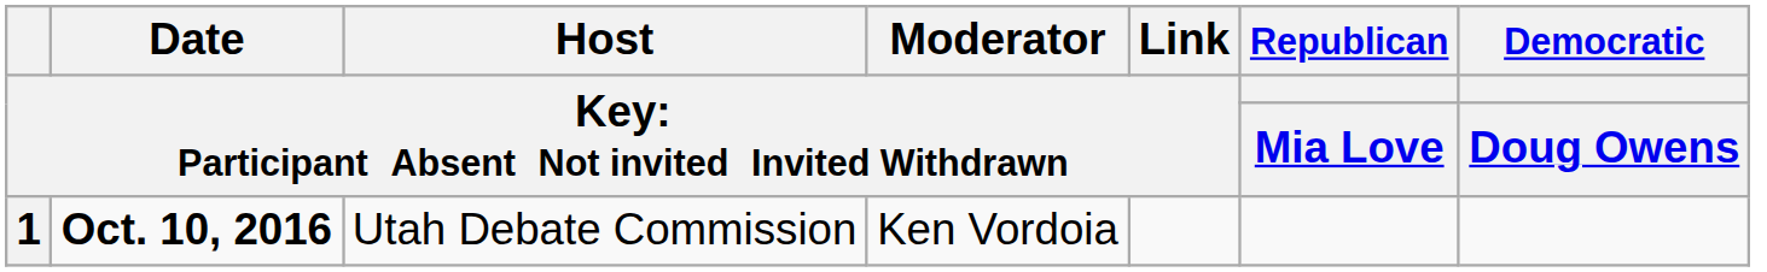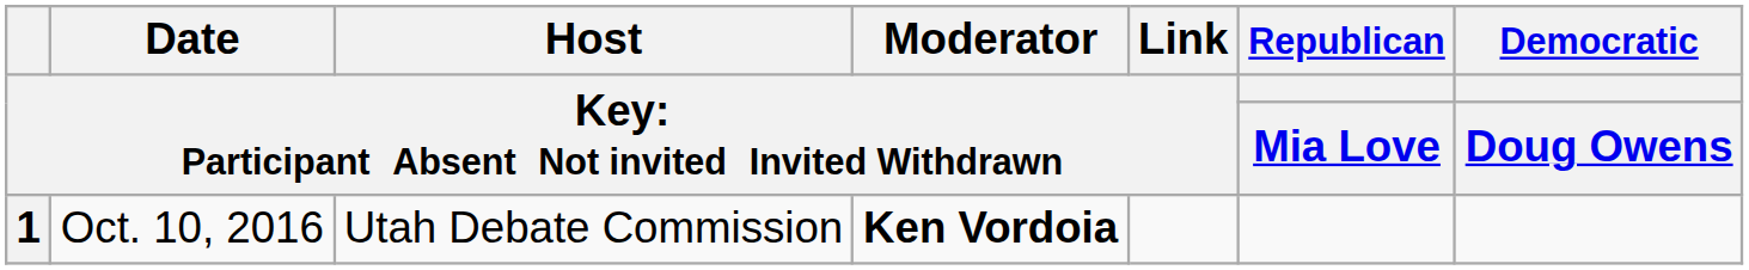 <table class="wikitable" style="text-align:center;">
 <tr>
 <th scope="col"></th>
 <th scope="col">Date</th>
 <th scope="col">Host</th>
 <th scope="col">Moderator</th>
 <th scope="col">Link</th>
 <th scope="col"><small><a href='#'>Republican</a></small></th>
 <th scope="col"><small><a href='#'>Democratic</a></small></th>
 </tr>
 <tr>
 <th colspan="5" rowspan="2">Key:<br> <small>Participant </small>  <small>Absent </small>  <small>Not invited </small>  <small>Invited  Withdrawn</small></th>
 <th scope="col" style="background:"></th>
 <th scope="col" style="background:"></th>
 </tr>
 <tr>
 <th scope="col"><a href='#'>Mia Love</a></th>
 <th scope="col"><a href='#'>Doug Owens</a></th>
 </tr>
 <tr>
 <th>1</th>
-<td style="white-space:nowrap;"><strong>Oct. 10, 2016</strong></td>
+<td style="white-space:nowrap;">Oct. 10, 2016</td>
 <td style="white-space:nowrap;">Utah Debate Commission</td>
-<td style="white-space:nowrap;">Ken Vordoia</td>
+<td style="white-space:nowrap;"><strong>Ken Vordoia</strong></td>
 <td style="white-space:nowrap;"></td>
 <td></td>
 <td></td>
 </tr>
 </table>
